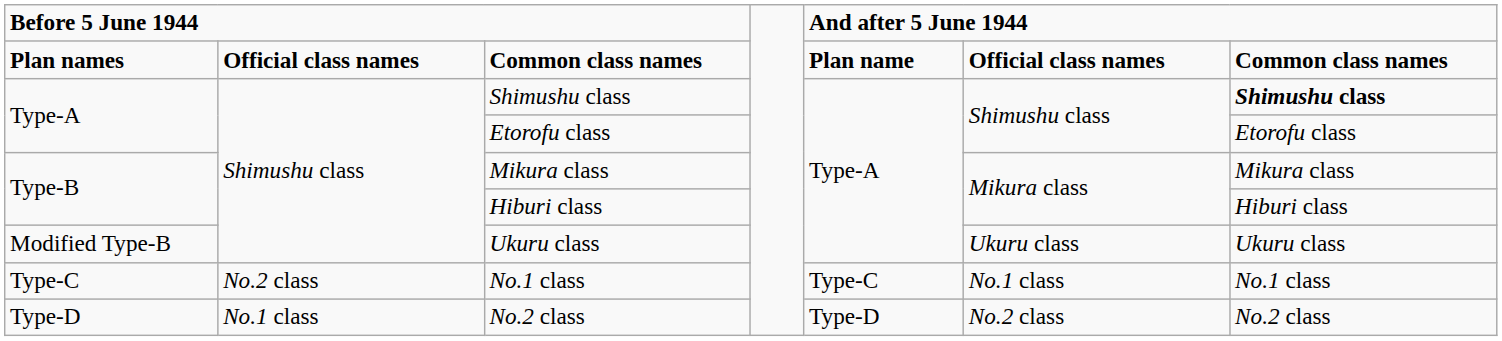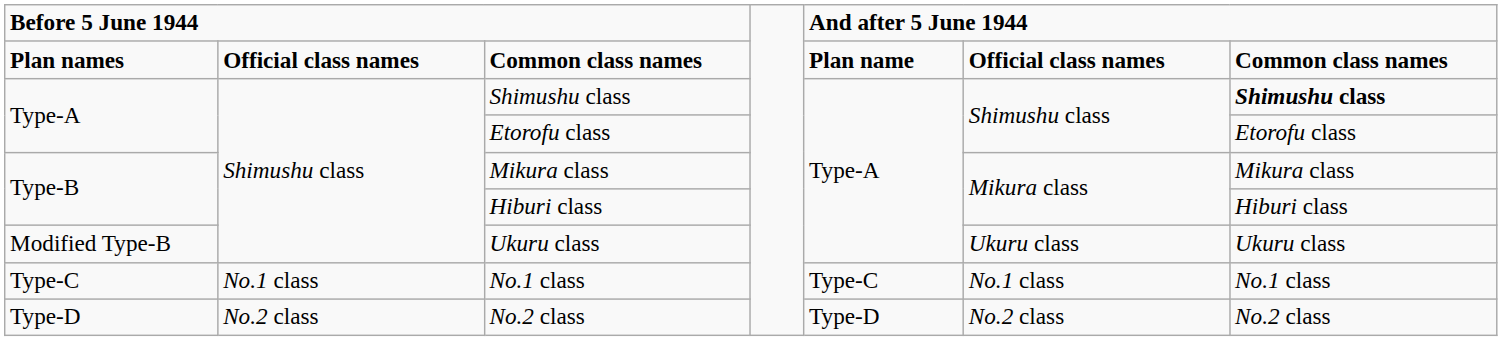 <table class="wikitable" width="65%">
 <tr>
 <td colspan=3><strong>Before 5 June 1944</strong></td>
 <td rowspan=9 width="2%"></td>
 <td colspan=3><strong>And after 5 June 1944</strong></td>
 </tr>
 <tr>
 <td width="8%"><strong>Plan names</strong></td>
 <td width="10%"><strong>Official class names</strong></td>
 <td width="10%"><strong>Common class names</strong></td>
 <td width="6%"><strong>Plan name</strong></td>
 <td width="10%"><strong>Official class names</strong></td>
 <td width="10%"><strong>Common class names</strong></td>
 </tr>
 <tr>
 <td rowspan=2>Type-A</td>
 <td rowspan=5><em>Shimushu</em> class</td>
 <td><em>Shimushu</em> class</td>
 <td rowspan=5>Type-A</td>
 <td rowspan=2><em>Shimushu</em> class</td>
 <td><strong><em>Shimushu</em> class</strong></td>
 </tr>
 <tr>
 <td><em>Etorofu</em> class</td>
 <td><em>Etorofu</em> class</td>
 </tr>
 <tr>
 <td rowspan=2>Type-B</td>
 <td><em>Mikura</em> class</td>
 <td rowspan=2><em>Mikura</em> class</td>
 <td><em>Mikura</em> class</td>
 </tr>
 <tr>
 <td><em>Hiburi</em> class</td>
 <td><em>Hiburi</em> class</td>
 </tr>
 <tr>
 <td>Modified Type-B</td>
 <td><em>Ukuru</em> class</td>
 <td><em>Ukuru</em> class</td>
 <td><em>Ukuru</em> class</td>
 </tr>
 <tr>
 <td>Type-C</td>
-<td><em>No.2</em> class</td>
+<td><em>No.1</em> class</td>
 <td><em>No.1</em> class</td>
 <td>Type-C</td>
 <td><em>No.1</em> class</td>
 <td><em>No.1</em> class</td>
 </tr>
 <tr>
 <td>Type-D</td>
-<td><em>No.1</em> class</td>
+<td><em>No.2</em> class</td>
 <td><em>No.2</em> class</td>
 <td>Type-D</td>
 <td><em>No.2</em> class</td>
 <td><em>No.2</em> class</td>
 </tr>
 </table>
